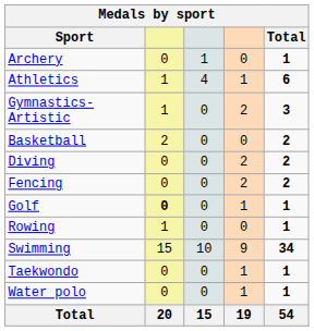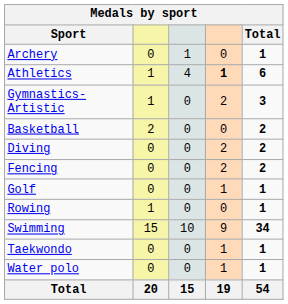 <table class="wikitable" style="font-size:90%; text-align:center;">
 <tr>
 <th colspan=5>Medals by sport</th>
 </tr>
 <tr>
 <th width=120>Sport</th>
 <th scope="col" width=30 style="background:#F7F6A8;"></th>
 <th scope="col" width=30 style="background:#DCE5E5;"></th>
 <th scope="col" width=30 style="background:#FFDAB9;"></th>
 <th width=30>Total</th>
 </tr>
 <tr>
 <td align=left><a href='#'>Archery</a></td>
 <td style="background:#F7F6A8;">0</td>
 <td style="background:#DCE5E5;">1</td>
 <td style="background:#FFDAB9;">0</td>
 <td><strong>1</strong></td>
 </tr>
 <tr>
 <td align=left><a href='#'>Athletics</a></td>
 <td style="background:#F7F6A8;">1</td>
 <td style="background:#DCE5E5;">4</td>
-<td style="background:#FFDAB9;">1</td>
+<td style="background:#FFDAB9;"><strong>1</strong></td>
 <td><strong>6</strong></td>
 </tr>
 <tr>
 <td align=left><a href='#'>Gymnastics-Artistic</a></td>
 <td style="background:#F7F6A8;">1</td>
 <td style="background:#DCE5E5;">0</td>
 <td style="background:#FFDAB9;">2</td>
 <td><strong>3</strong></td>
 </tr>
 <tr>
 <td align=left><a href='#'>Basketball</a></td>
 <td style="background:#F7F6A8;">2</td>
 <td style="background:#DCE5E5;">0</td>
 <td style="background:#FFDAB9;">0</td>
 <td><strong>2</strong></td>
 </tr>
 <tr>
 <td align=left><a href='#'>Diving</a></td>
 <td style="background:#F7F6A8;">0</td>
 <td style="background:#DCE5E5;">0</td>
 <td style="background:#FFDAB9;">2</td>
 <td><strong>2</strong></td>
 </tr>
 <tr>
 <td align=left><a href='#'>Fencing</a></td>
 <td style="background:#F7F6A8;">0</td>
 <td style="background:#DCE5E5;">0</td>
 <td style="background:#FFDAB9;">2</td>
 <td><strong>2</strong></td>
 </tr>
 <tr>
 <td align=left><a href='#'>Golf</a></td>
-<td style="background:#F7F6A8;"><strong>0</strong></td>
+<td style="background:#F7F6A8;">0</td>
 <td style="background:#DCE5E5;">0</td>
 <td style="background:#FFDAB9;">1</td>
 <td><strong>1</strong></td>
 </tr>
 <tr>
 <td align=left><a href='#'>Rowing</a></td>
 <td style="background:#F7F6A8;">1</td>
 <td style="background:#DCE5E5;">0</td>
 <td style="background:#FFDAB9;">0</td>
 <td><strong>1</strong></td>
 </tr>
 <tr>
 <td align=left><a href='#'>Swimming</a></td>
 <td style="background:#F7F6A8;">15</td>
 <td style="background:#DCE5E5;">10</td>
 <td style="background:#FFDAB9;">9</td>
 <td><strong>34</strong></td>
 </tr>
 <tr>
 <td align=left><a href='#'>Taekwondo</a></td>
 <td style="background:#F7F6A8;">0</td>
 <td style="background:#DCE5E5;">0</td>
 <td style="background:#FFDAB9;">1</td>
 <td><strong>1</strong></td>
 </tr>
 <tr>
 <td align=left><a href='#'>Water polo</a></td>
 <td style="background:#F7F6A8;">0</td>
 <td style="background:#DCE5E5;">0</td>
 <td style="background:#FFDAB9;">1</td>
 <td><strong>1</strong></td>
 </tr>
 <tr class="sortbottom">
 <th>Total</th>
 <th>20</th>
 <th>15</th>
 <th>19</th>
 <th>54</th>
 </tr>
 </table>
